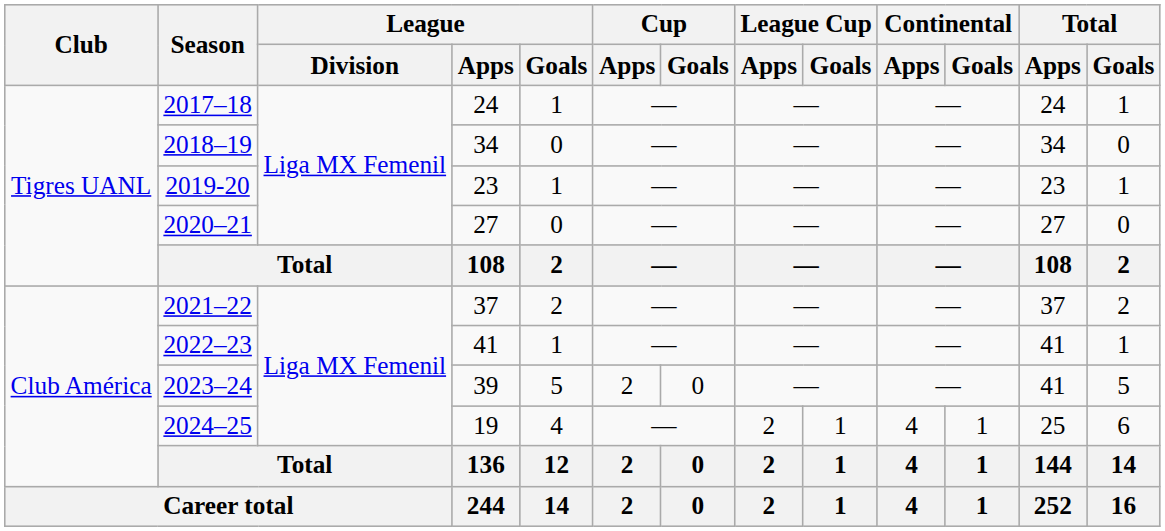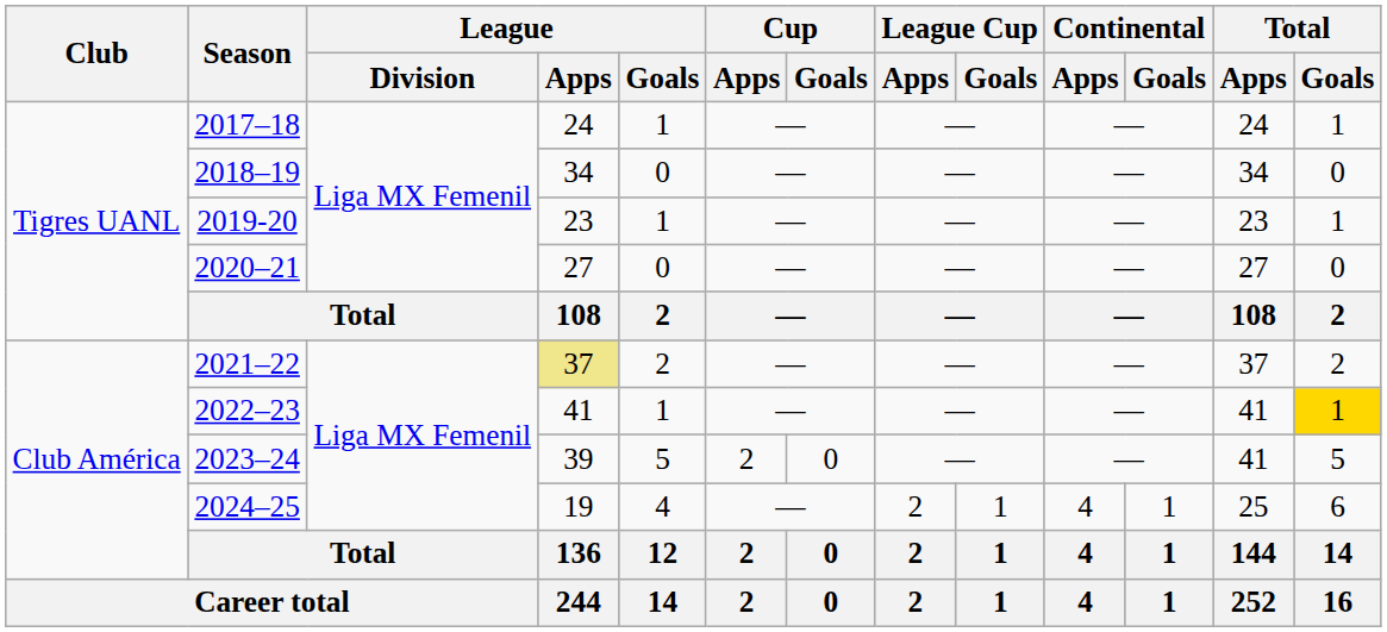 <table class="wikitable" style="text-align: center;">
 <tr>
 <th rowspan="2">Club</th>
 <th rowspan="2">Season</th>
 <th colspan="3">League</th>
 <th colspan="2">Cup </th>
 <th colspan="2">League Cup </th>
 <th colspan="2">Continental </th>
 <th colspan="2">Total</th>
 </tr>
 <tr>
 <th>Division</th>
 <th>Apps</th>
 <th>Goals</th>
 <th>Apps</th>
 <th>Goals</th>
 <th>Apps</th>
 <th>Goals</th>
 <th>Apps</th>
 <th>Goals</th>
 <th>Apps</th>
 <th>Goals</th>
 </tr>
 <tr>
 <td rowspan="5"><a href='#'>Tigres UANL</a></td>
 <td><a href='#'>2017–18</a></td>
 <td rowspan="4"><a href='#'>Liga MX Femenil</a></td>
 <td>24</td>
 <td>1</td>
 <td colspan="2">—</td>
 <td colspan="2">—</td>
 <td colspan="2">—</td>
 <td>24</td>
 <td>1</td>
 </tr>
 <tr>
 <td><a href='#'>2018–19</a></td>
 <td>34</td>
 <td>0</td>
 <td colspan="2">—</td>
 <td colspan="2">—</td>
 <td colspan="2">—</td>
 <td>34</td>
 <td>0</td>
 </tr>
 <tr>
 <td><a href='#'>2019-20</a></td>
 <td>23</td>
 <td>1</td>
 <td colspan="2">—</td>
 <td colspan="2">—</td>
 <td colspan="2">—</td>
 <td>23</td>
 <td>1</td>
 </tr>
 <tr>
 <td><a href='#'>2020–21</a></td>
 <td>27</td>
 <td>0</td>
 <td colspan="2">—</td>
 <td colspan="2">—</td>
 <td colspan="2">—</td>
 <td>27</td>
 <td>0</td>
 </tr>
 <tr>
 <th colspan="2">Total</th>
 <th>108</th>
 <th>2</th>
 <th colspan="2">—</th>
 <th colspan="2">—</th>
 <th colspan="2">—</th>
 <th>108</th>
 <th>2</th>
 </tr>
 <tr>
 <td rowspan="5"><a href='#'>Club América</a></td>
 <td><a href='#'>2021–22</a></td>
 <td rowspan="4"><a href='#'>Liga MX Femenil</a></td>
-<td align="center">37</td>
+<td align="center" style="background: khaki;">37</td>
 <td align="center">2</td>
 <td colspan="2" align="center">—</td>
 <td colspan="2">—</td>
 <td colspan="2">—</td>
 <td align="center">37</td>
 <td align="center">2</td>
 </tr>
 <tr>
 <td><a href='#'>2022–23</a></td>
 <td align="center">41</td>
 <td align="center">1</td>
 <td colspan="2" align="center">—</td>
 <td colspan="2">—</td>
 <td colspan="2">—</td>
 <td align="center">41</td>
-<td align="center">1</td>
+<td align="center" style="background: gold;">1</td>
 </tr>
 <tr>
 <td><a href='#'>2023–24</a></td>
 <td align="center">39</td>
 <td align="center">5</td>
 <td align="center">2</td>
 <td align="center">0</td>
 <td colspan="2">—</td>
 <td colspan="2">—</td>
 <td align="center">41</td>
 <td align="center">5</td>
 </tr>
 <tr>
 <td><a href='#'>2024–25</a></td>
 <td>19</td>
 <td>4</td>
 <td colspan="2">—</td>
 <td>2</td>
 <td>1</td>
 <td>4</td>
 <td>1</td>
 <td>25</td>
 <td>6</td>
 </tr>
 <tr>
 <th colspan="2">Total</th>
 <th>136</th>
 <th>12</th>
 <th>2</th>
 <th>0</th>
 <th>2</th>
 <th>1</th>
 <th>4</th>
 <th>1</th>
 <th>144</th>
 <th>14</th>
 </tr>
 <tr>
 <th colspan="3">Career total</th>
 <th>244</th>
 <th>14</th>
 <th>2</th>
 <th>0</th>
 <th>2</th>
 <th>1</th>
 <th>4</th>
 <th>1</th>
 <th>252</th>
 <th>16</th>
 </tr>
 </table>
